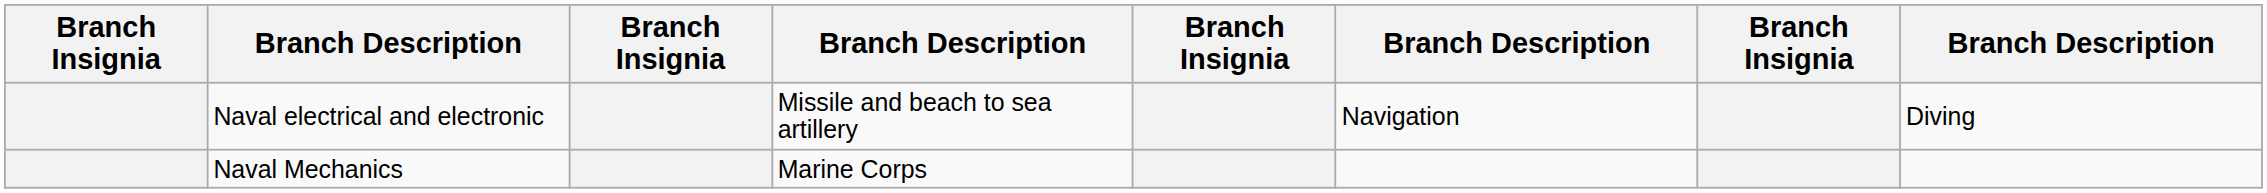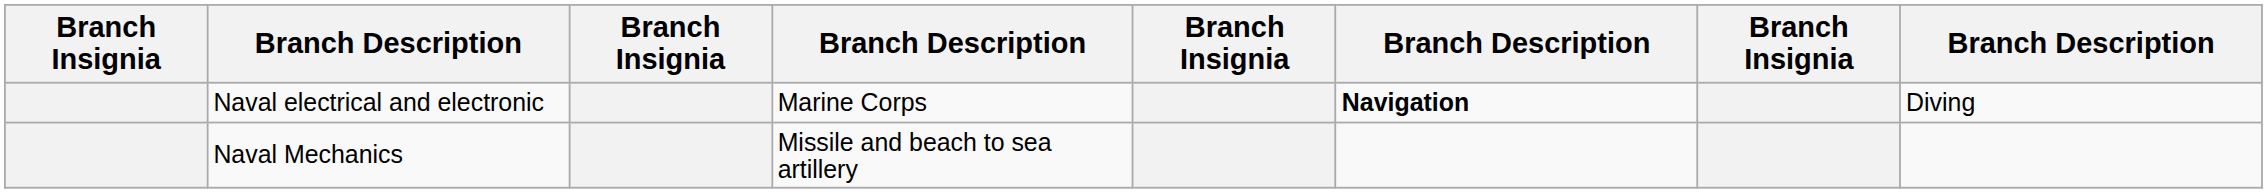 <table class="wikitable">
 <tr>
 <th scope="col" style="width: 150px; align=center;">Branch Insignia</th>
 <th scope="col" style="width: 300px;">Branch Description</th>
 <th scope="col" style="width: 150px;">Branch Insignia</th>
 <th scope="col" style="width: 300px;">Branch Description</th>
 <th scope="col" style="width: 150px;">Branch Insignia</th>
 <th scope="col" style="width: 300px;">Branch Description</th>
 <th scope="col" style="width: 150px;">Branch Insignia</th>
 <th scope="col" style="width: 300px;">Branch Description</th>
 </tr>
 <tr style="font-size: 86%;">
 <th style="text-align: center;"></th>
 <td>Naval electrical and electronic</td>
 <th style="text-align: center;"></th>
-<td>Missile and beach to sea artillery</td>
+<td>Marine Corps</td>
 <th style="text-align: center;"></th>
-<td>Navigation</td>
+<td><strong>Navigation</strong></td>
 <th style="text-align: center;"></th>
 <td>Diving</td>
 </tr>
 <tr style="font-size: 86%;">
 <th style="text-align: center;"></th>
 <td>Naval Mechanics</td>
 <th style="text-align: center;"></th>
-<td>Marine Corps</td>
+<td>Missile and beach to sea artillery</td>
 <th></th>
 <td></td>
 <th></th>
 <td></td>
 </tr>
 </table>
